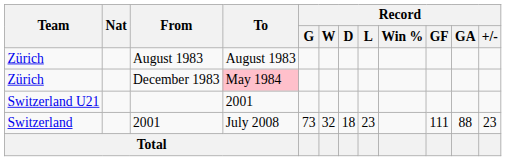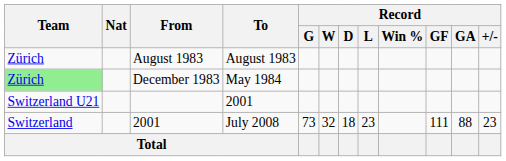 <table class="wikitable" style="text-align: center">
 <tr>
 <th rowspan="2">Team</th>
 <th rowspan="2">Nat</th>
 <th rowspan="2">From</th>
 <th rowspan="2">To</th>
 <th colspan="8">Record</th>
 </tr>
 <tr>
 <th>G</th>
 <th>W</th>
 <th>D</th>
 <th>L</th>
 <th>Win %</th>
 <th>GF</th>
 <th>GA</th>
 <th>+/-</th>
 </tr>
 <tr>
 <td align=left><a href='#'>Zürich</a></td>
 <td></td>
 <td align=left>August 1983</td>
 <td align=left>August 1983</td>
 <td></td>
 <td></td>
 <td></td>
 <td></td>
 <td></td>
 <td></td>
 <td></td>
 <td></td>
 </tr>
 <tr>
-<td align=left><a href='#'>Zürich</a></td>
+<td align=left style="background: lightgreen;"><a href='#'>Zürich</a></td>
 <td></td>
 <td align=left>December 1983</td>
-<td align=left style="background: pink;">May 1984</td>
+<td align=left>May 1984</td>
 <td></td>
 <td></td>
 <td></td>
 <td></td>
 <td></td>
 <td></td>
 <td></td>
 <td></td>
 </tr>
 <tr>
 <td align=left><a href='#'>Switzerland U21</a></td>
 <td></td>
 <td align=left></td>
 <td align=left>2001</td>
 <td></td>
 <td></td>
 <td></td>
 <td></td>
 <td></td>
 <td></td>
 <td></td>
 <td></td>
 </tr>
 <tr>
 <td align=left><a href='#'>Switzerland</a></td>
 <td></td>
 <td align=left>2001</td>
 <td align=left>July 2008</td>
 <td>73</td>
 <td>32</td>
 <td>18</td>
 <td>23</td>
 <td></td>
 <td>111</td>
 <td>88</td>
 <td>23</td>
 </tr>
 <tr>
 <th colspan="4">Total</th>
 <th></th>
 <th></th>
 <th></th>
 <th></th>
 <th></th>
 <th></th>
 <th></th>
 <th></th>
 </tr>
 </table>
